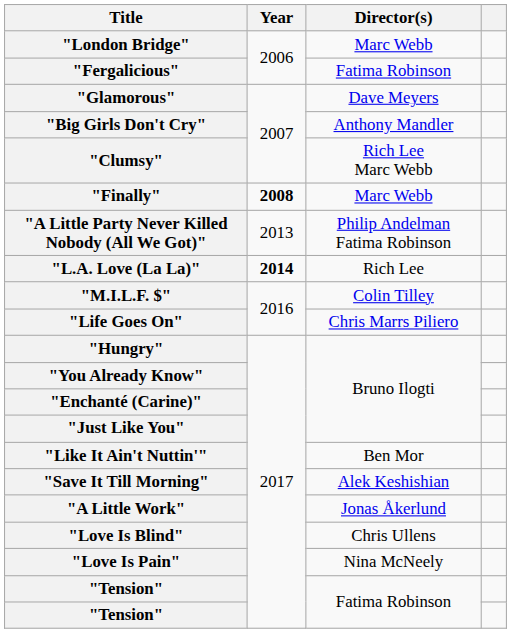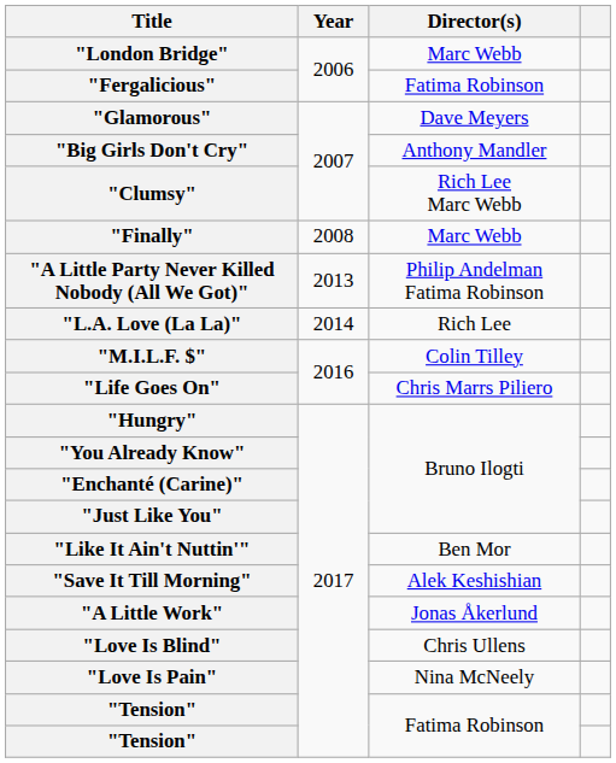 <table class="wikitable plainrowheaders" style="text-align:center;">
 <tr>
 <th scope="col" style="width:14em;">Title</th>
 <th scope="col" style="width:3em;">Year</th>
 <th scope="col" style="width:10em;">Director(s)</th>
 <th scope="col" style="width:1em;"></th>
 </tr>
 <tr>
 <th scope="row">"London Bridge"</th>
 <td rowspan="2">2006</td>
 <td><a href='#'>Marc Webb</a></td>
 <td></td>
 </tr>
 <tr>
 <th scope="row">"Fergalicious"</th>
 <td><a href='#'>Fatima Robinson</a></td>
 <td></td>
 </tr>
 <tr>
 <th scope="row">"Glamorous"</th>
 <td rowspan="3">2007</td>
 <td><a href='#'>Dave Meyers</a></td>
 <td></td>
 </tr>
 <tr>
 <th scope="row">"Big Girls Don't Cry"</th>
 <td><a href='#'>Anthony Mandler</a></td>
 <td></td>
 </tr>
 <tr>
 <th scope="row">"Clumsy"</th>
 <td><a href='#'>Rich Lee</a><br>Marc Webb</td>
 <td></td>
 </tr>
 <tr>
 <th scope="row">"Finally" </th>
-<td><strong>2008</strong></td>
+<td>2008</td>
 <td><a href='#'>Marc Webb</a></td>
 <td></td>
 </tr>
 <tr>
 <th scope="row">"A Little Party Never Killed Nobody (All We Got)"</th>
 <td>2013</td>
 <td><a href='#'>Philip Andelman</a><br>Fatima Robinson</td>
 <td></td>
 </tr>
 <tr>
 <th scope="row">"L.A. Love (La La)" </th>
-<td><strong>2014</strong></td>
+<td>2014</td>
 <td>Rich Lee</td>
 <td></td>
 </tr>
 <tr>
 <th scope="row">"M.I.L.F. $"</th>
 <td rowspan="2">2016</td>
 <td><a href='#'>Colin Tilley</a></td>
 <td></td>
 </tr>
 <tr>
 <th scope="row">"Life Goes On"</th>
 <td><a href='#'>Chris Marrs Piliero</a></td>
 <td></td>
 </tr>
 <tr>
 <th scope="row">"Hungry"</th>
 <td rowspan="11">2017</td>
 <td rowspan="4">Bruno Ilogti</td>
 <td></td>
 </tr>
 <tr>
 <th scope="row">"You Already Know"</th>
 <td></td>
 </tr>
 <tr>
 <th scope="row">"Enchanté (Carine)"</th>
 <td></td>
 </tr>
 <tr>
 <th scope="row">"Just Like You"</th>
 <td></td>
 </tr>
 <tr>
 <th scope="row">"Like It Ain't Nuttin'"</th>
 <td>Ben Mor</td>
 <td></td>
 </tr>
 <tr>
 <th scope="row">"Save It Till Morning"</th>
 <td><a href='#'>Alek Keshishian</a></td>
 <td></td>
 </tr>
 <tr>
 <th scope="row">"A Little Work"</th>
 <td><a href='#'>Jonas Åkerlund</a></td>
 <td></td>
 </tr>
 <tr>
 <th scope="row">"Love Is Blind"</th>
 <td>Chris Ullens</td>
 <td></td>
 </tr>
 <tr>
 <th scope="row">"Love Is Pain"</th>
 <td>Nina McNeely</td>
 <td></td>
 </tr>
 <tr>
 <th scope="row">"Tension"</th>
 <td rowspan="2">Fatima Robinson</td>
 <td></td>
 </tr>
 <tr>
 <th scope="row">"Tension" </th>
 <td></td>
 </tr>
 </table>
